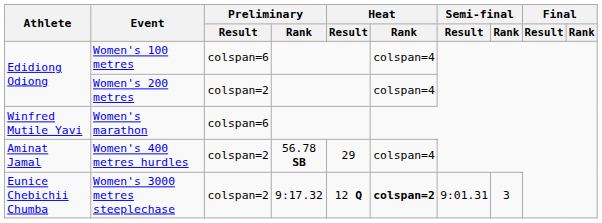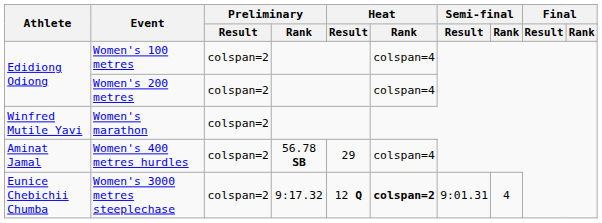 <table class=wikitable style=font-size:90%>
 <tr>
 <th rowspan="2">Athlete</th>
 <th rowspan="2">Event</th>
 <th colspan="2">Preliminary</th>
 <th colspan="2">Heat</th>
 <th colspan="2">Semi-final</th>
 <th colspan="2">Final</th>
 </tr>
 <tr style=font-size:95%>
 <th>Result</th>
 <th>Rank</th>
 <th>Result</th>
 <th>Rank</th>
 <th>Result</th>
 <th>Rank</th>
 <th>Result</th>
 <th>Rank</th>
 </tr>
 <tr align=center>
 <td align=left rowspan=2><a href='#'>Edidiong Odiong</a></td>
 <td align=left><a href='#'>Women's 100 metres</a></td>
-<td>colspan=6</td>
+<td>colspan=2</td>
 <td colspan=2></td>
 <td>colspan=4</td>
 </tr>
 <tr align=center>
 <td align=left><a href='#'>Women's 200 metres</a></td>
 <td>colspan=2</td>
 <td colspan=2></td>
 <td>colspan=4</td>
 </tr>
 <tr align=center>
 <td align=left><a href='#'>Winfred Mutile Yavi</a></td>
 <td align=left><a href='#'>Women's marathon</a></td>
-<td>colspan=6</td>
+<td>colspan=2</td>
 <td colspan=2></td>
 </tr>
 <tr align=center>
 <td align=left><a href='#'>Aminat Jamal</a></td>
 <td align=left><a href='#'>Women's 400 metres hurdles</a></td>
 <td>colspan=2</td>
 <td>56.78 <strong>SB</strong></td>
 <td>29</td>
 <td>colspan=4</td>
 </tr>
 <tr align=center>
 <td align=left><a href='#'>Eunice Chebichii Chumba</a></td>
 <td align=left><a href='#'>Women's 3000 metres steeplechase</a></td>
 <td>colspan=2</td>
 <td>9:17.32</td>
 <td>12 <strong>Q</strong></td>
 <td><strong>colspan=2</strong></td>
 <td>9:01.31</td>
-<td>3</td>
+<td>4</td>
 </tr>
 </table>
